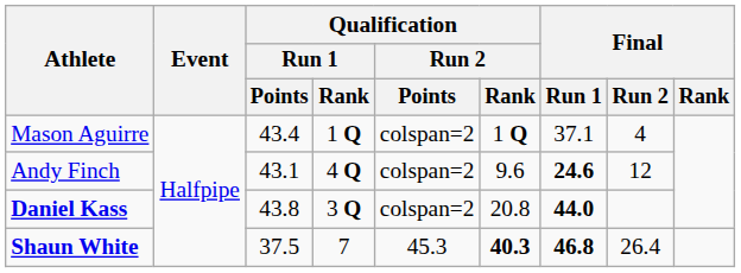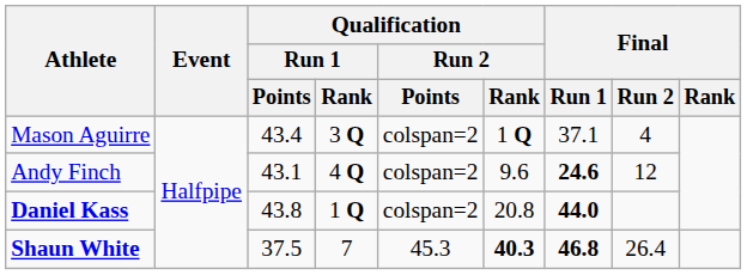 <table class=wikitable style=font-size:90%;text-align:center>
 <tr>
 <th rowspan=3>Athlete</th>
 <th rowspan=3>Event</th>
 <th colspan=4>Qualification</th>
 <th rowspan=2 colspan=3>Final</th>
 </tr>
 <tr style=font-size:95%>
 <th colspan=2>Run 1</th>
 <th colspan=2>Run 2</th>
 </tr>
 <tr style=font-size:95%>
 <th>Points</th>
 <th>Rank</th>
 <th>Points</th>
 <th>Rank</th>
 <th>Run 1</th>
 <th>Run 2</th>
 <th>Rank</th>
 </tr>
 <tr>
 <td align=left><a href='#'>Mason Aguirre</a></td>
 <td align=left rowspan=4><a href='#'>Halfpipe</a></td>
 <td>43.4</td>
-<td>1 <strong>Q</strong></td>
+<td>3 <strong>Q</strong></td>
 <td>colspan=2 </td>
 <td>1 <strong>Q</strong></td>
 <td>37.1</td>
 <td>4</td>
 </tr>
 <tr>
 <td align=left><a href='#'>Andy Finch</a></td>
 <td>43.1</td>
 <td>4 <strong>Q</strong></td>
 <td>colspan=2 </td>
 <td>9.6</td>
 <td><strong>24.6</strong></td>
 <td>12</td>
 </tr>
 <tr>
 <td align=left><strong><a href='#'>Daniel Kass</a></strong></td>
 <td>43.8</td>
-<td>3 <strong>Q</strong></td>
+<td>1 <strong>Q</strong></td>
 <td>colspan=2 </td>
 <td>20.8</td>
 <td><strong>44.0</strong></td>
 <td></td>
 </tr>
 <tr>
 <td align=left><strong> <a href='#'>Shaun White</a></strong></td>
 <td>37.5</td>
 <td>7</td>
 <td>45.3</td>
 <td><strong>40.3</strong></td>
 <td><strong>46.8</strong></td>
 <td>26.4</td>
 <td></td>
 </tr>
 </table>
